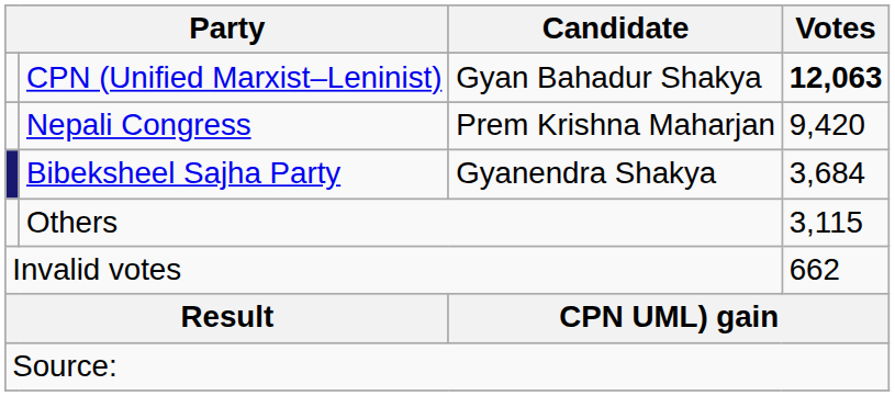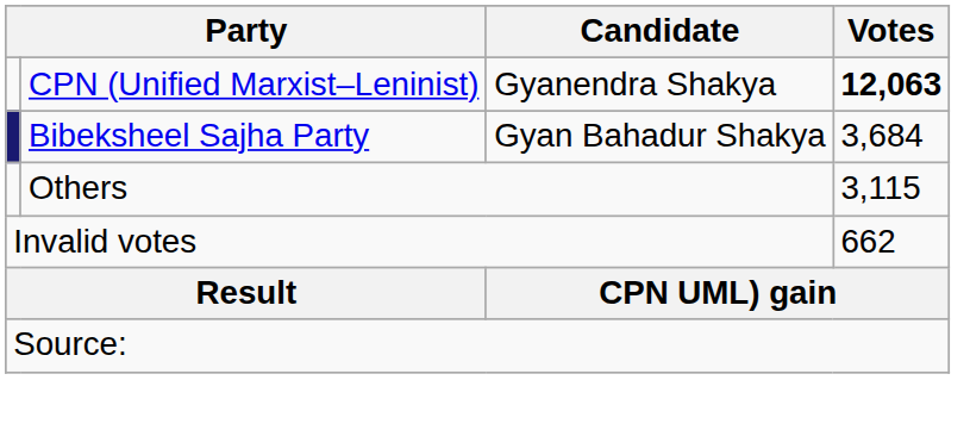 <table class="wikitable">
 <tr>
 <th colspan="2">Party</th>
 <th>Candidate</th>
 <th>Votes</th>
 </tr>
 <tr>
 <td style="background-color:"></td>
 <td><a href='#'>CPN (Unified Marxist–Leninist)</a></td>
-<td>Gyan Bahadur Shakya</td>
+<td>Gyanendra Shakya</td>
 <td><strong>12,063</strong></td>
-</tr>
-<tr>
-<td style="background-color:"></td>
-<td><a href='#'>Nepali Congress</a></td>
-<td>Prem Krishna Maharjan</td>
-<td>9,420</td>
 </tr>
 <tr>
 <td style="background-color:midnightblue"></td>
 <td><a href='#'>Bibeksheel Sajha Party</a></td>
-<td>Gyanendra Shakya</td>
+<td>Gyan Bahadur Shakya</td>
 <td>3,684</td>
 </tr>
 <tr>
 <td></td>
 <td colspan="2">Others</td>
 <td>3,115</td>
 </tr>
 <tr>
 <td colspan="3">Invalid votes</td>
 <td>662</td>
 </tr>
 <tr>
 <th colspan="2">Result</th>
 <th colspan="2">CPN UML) gain</th>
 </tr>
 <tr>
 <td colspan="4">Source: </td>
 </tr>
 </table>
